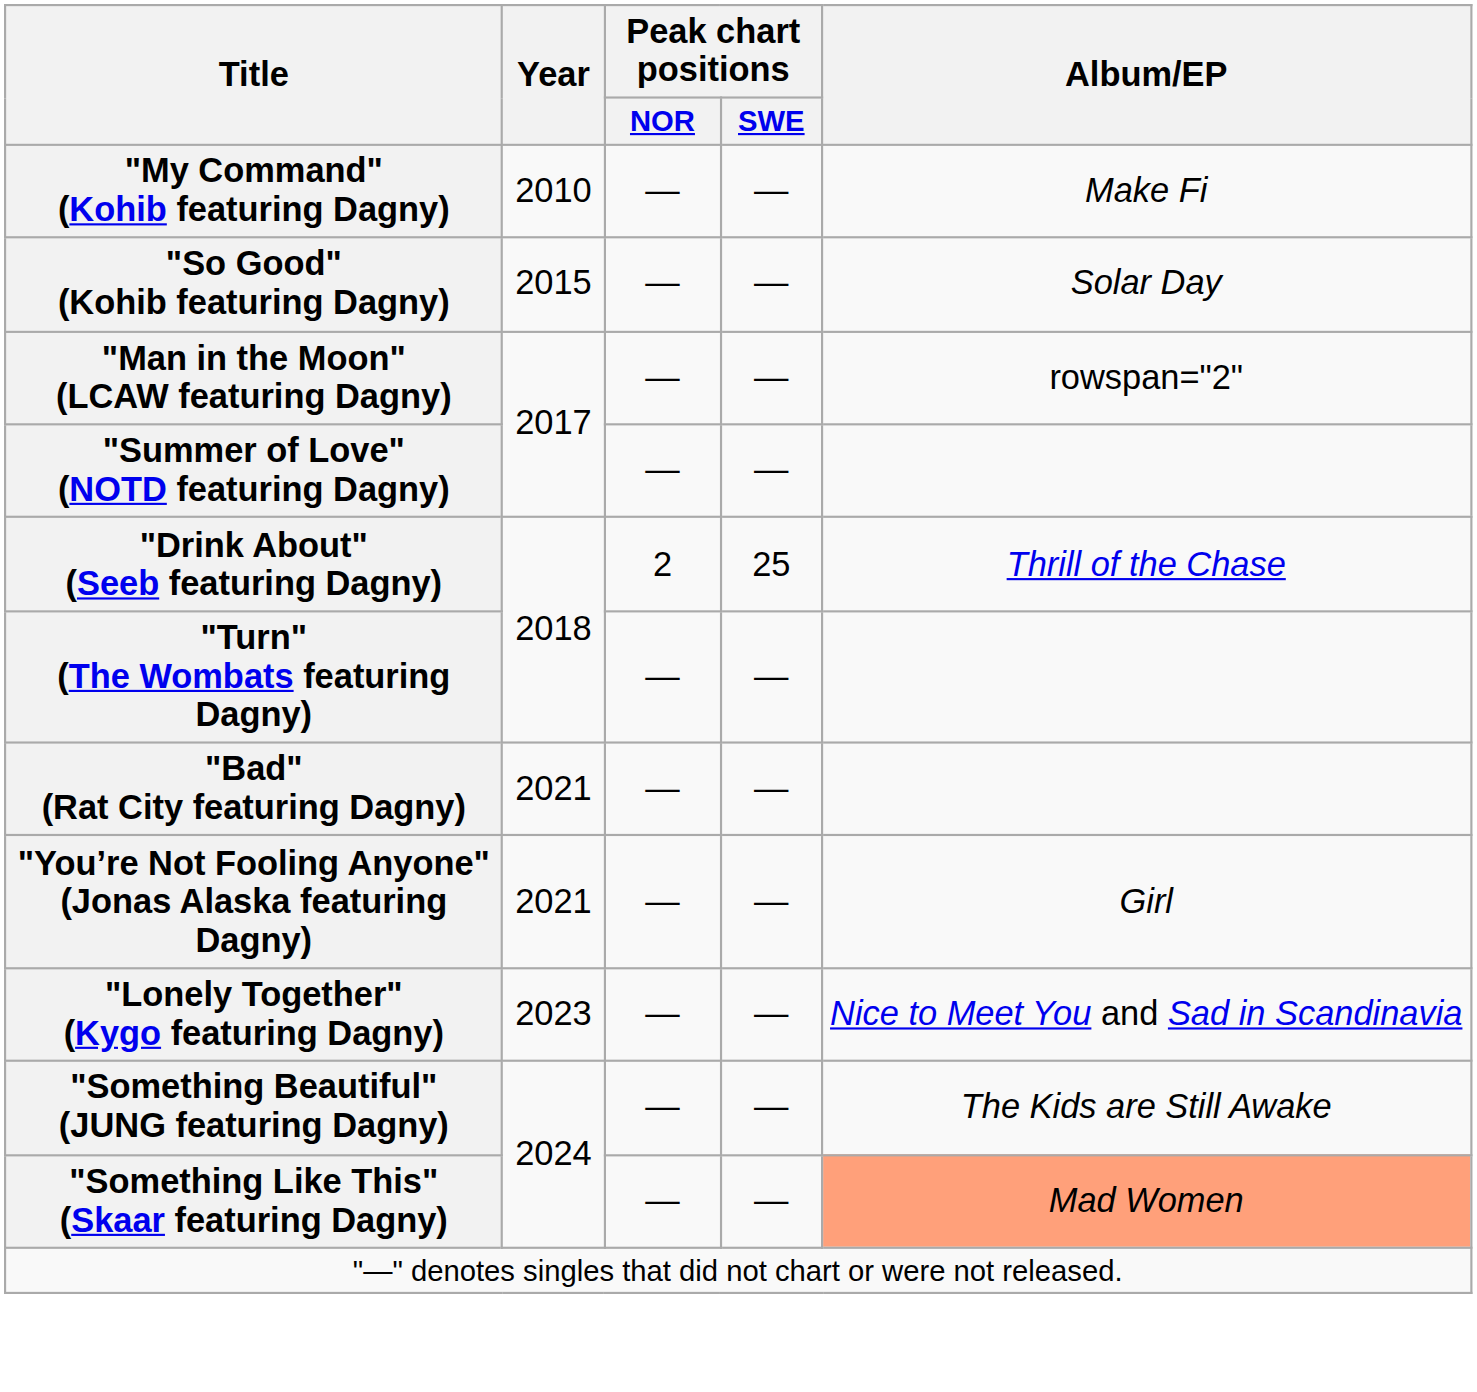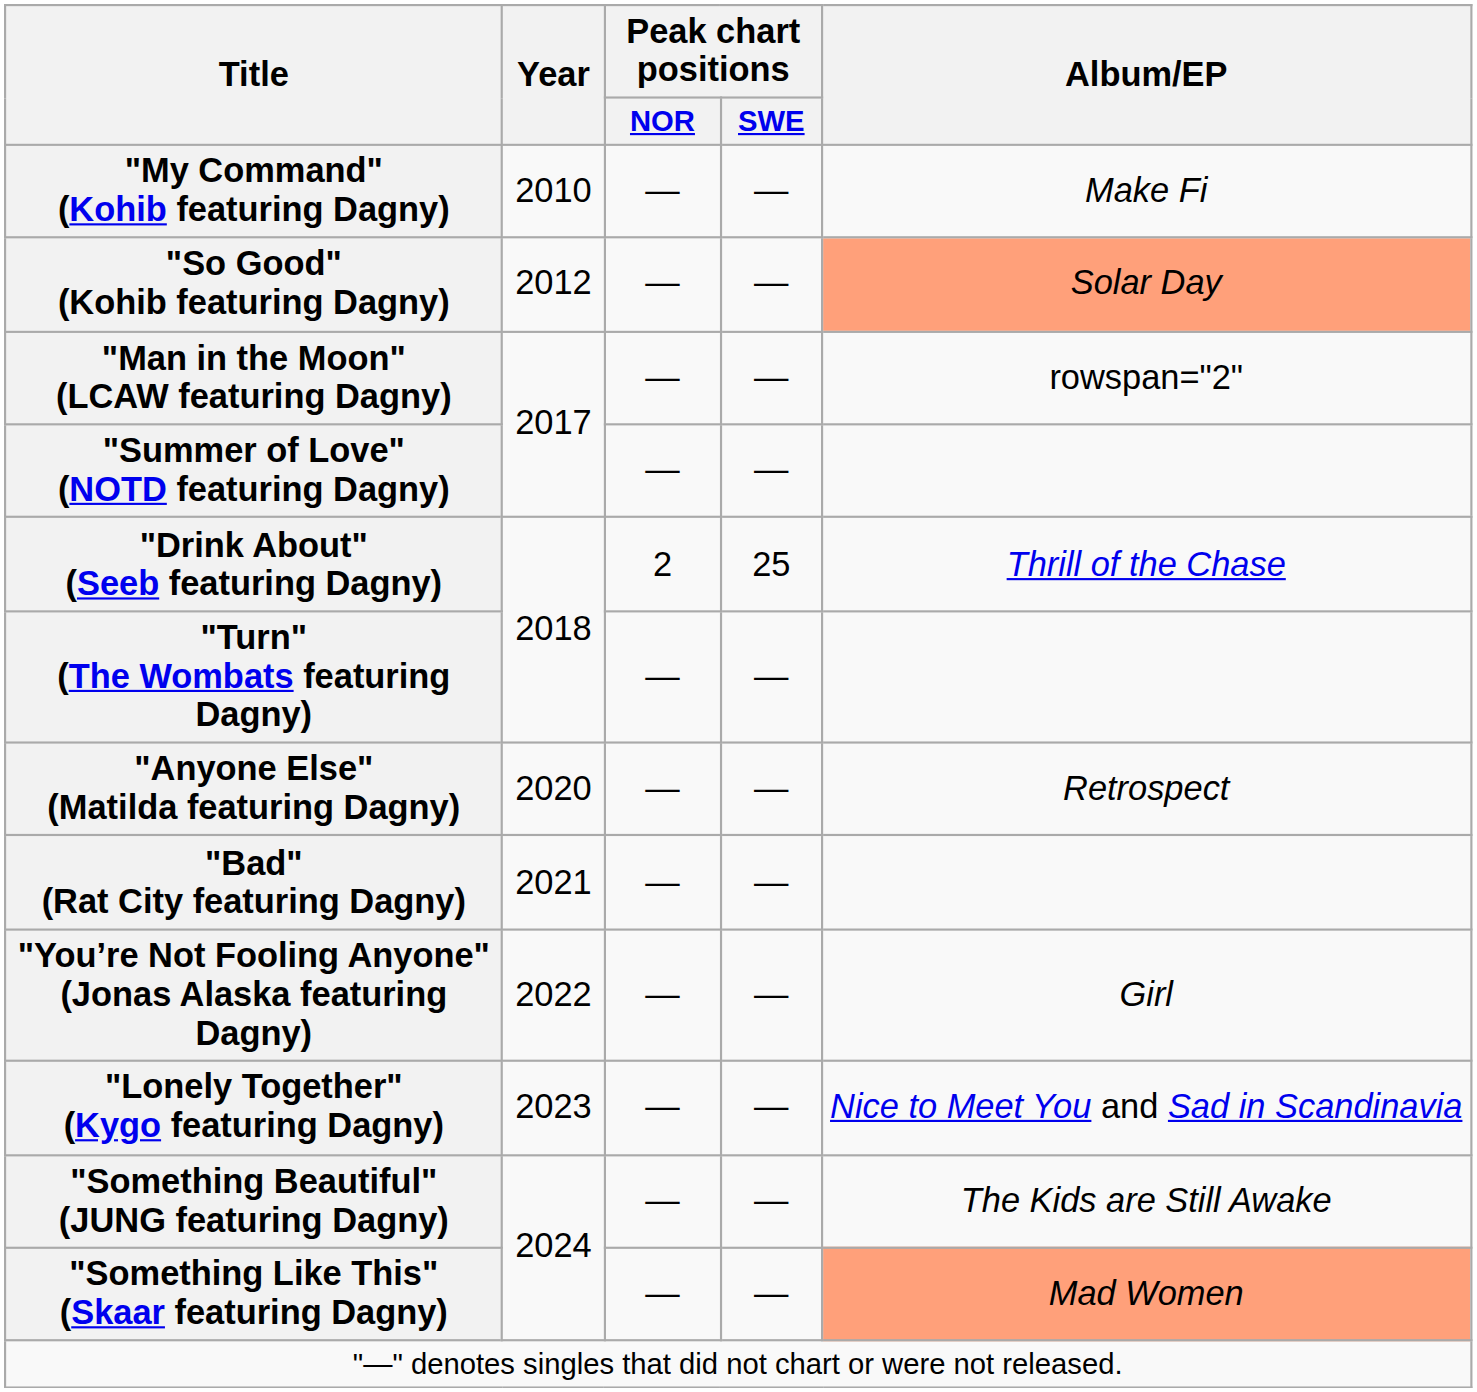 <table class="wikitable plainrowheaders" style="text-align:center;">
 <tr>
 <th scope="col" rowspan="2" style="width:14em;">Title</th>
 <th scope="col" rowspan="2" style="width:2.5em;">Year</th>
 <th scope="col" colspan="2">Peak chart positions</th>
 <th scope="col" rowspan="2">Album/EP</th>
 </tr>
 <tr>
 <th scope="col" style="width:3.5em;font-size:85%"><a href='#'>NOR</a></th>
 <th scope="col" style="width:3em;font-size:85%;"><a href='#'>SWE</a></th>
 </tr>
 <tr>
 <th scope="row">"My Command"<br><span>(<a href='#'>Kohib</a> featuring Dagny)</span></th>
 <td>2010</td>
 <td>—</td>
 <td>—</td>
 <td><em>Make Fi</em></td>
 </tr>
 <tr>
 <th scope="row">"So Good"<br><span>(Kohib featuring Dagny)</span></th>
-<td>2015</td>
+<td>2012</td>
 <td>—</td>
 <td>—</td>
-<td><em>Solar Day</em></td>
+<td style="background: lightsalmon;"><em>Solar Day</em></td>
 </tr>
 <tr>
 <th scope="row">"Man in the Moon"<br><span>(LCAW featuring Dagny)</span></th>
 <td rowspan="2">2017</td>
 <td>—</td>
 <td>—</td>
 <td>rowspan="2" </td>
 </tr>
 <tr>
 <th scope="row">"Summer of Love"<br><span>(<a href='#'>NOTD</a> featuring Dagny)</span></th>
 <td>—</td>
 <td>—</td>
 </tr>
 <tr>
 <th scope="row">"Drink About"<br><span>(<a href='#'>Seeb</a> featuring Dagny)</span></th>
 <td rowspan="2">2018</td>
 <td>2</td>
 <td>25</td>
 <td><em><a href='#'>Thrill of the Chase</a></em></td>
 </tr>
 <tr>
 <th scope="row">"Turn"<br><span>(<a href='#'>The Wombats</a> featuring Dagny)</span></th>
 <td>—</td>
 <td>—</td>
 <td></td>
 </tr>
 <tr>
+<th scope="row">"Anyone Else"<br><span>(Matilda featuring Dagny)</span></th>
+<td>2020</td>
+<td>—</td>
+<td>—</td>
+<td><em>Retrospect</em></td>
+</tr>
+<tr>
 <th scope="row">"Bad"<br><span>(Rat City featuring Dagny)</span></th>
 <td>2021</td>
 <td>—</td>
 <td>—</td>
 <td></td>
 </tr>
 <tr>
 <th scope="row">"You’re Not Fooling Anyone"<br><span>(Jonas Alaska featuring Dagny)</span></th>
-<td>2021</td>
+<td>2022</td>
 <td>—</td>
 <td>—</td>
 <td><em>Girl</em></td>
 </tr>
 <tr>
 <th scope="row">"Lonely Together"<br><span>(<a href='#'>Kygo</a> featuring Dagny)</span></th>
 <td>2023</td>
 <td>—</td>
 <td>—</td>
 <td><em><a href='#'>Nice to Meet You</a></em> and <em><a href='#'>Sad in Scandinavia</a></em></td>
 </tr>
 <tr>
 <th scope="row">"Something Beautiful"<br><span>(JUNG featuring Dagny)</span></th>
 <td rowspan="2">2024</td>
 <td>—</td>
 <td>—</td>
 <td><em>The Kids are Still Awake</em></td>
 </tr>
 <tr 9singer>
 <th scope="row">"Something Like This"<br><span>(<a href='#'>Skaar</a>  featuring Dagny)</span></th>
 <td>—</td>
 <td>—</td>
 <td style="background: lightsalmon;"><em>Mad Women</em></td>
 </tr>
 <tr>
 <td colspan="5" style="font-size:85%">"—" denotes singles that did not chart or were not released.</td>
 </tr>
 </table>
